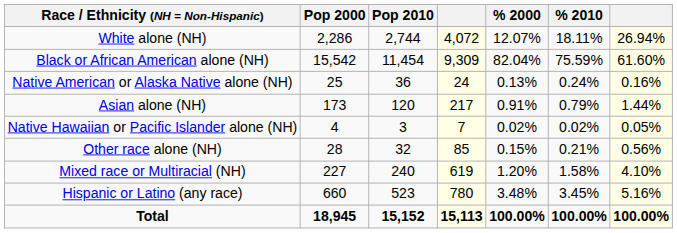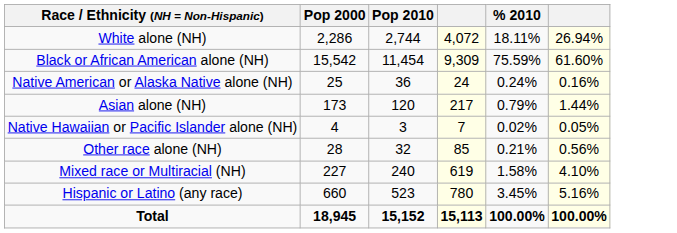 <table class="wikitable" style="text-align:center;">
 <tr>
 <th>Race / Ethnicity <small>(<em>NH = Non-Hispanic</em>)</small></th>
 <th>Pop 2000</th>
 <th>Pop 2010</th>
 <th></th>
-<th>% 2000</th>
 <th>% 2010</th>
 <th></th>
 </tr>
 <tr>
 <td><a href='#'>White</a> alone (NH)</td>
 <td>2,286</td>
 <td>2,744</td>
 <td style='background: #ffffe6;'>4,072</td>
-<td>12.07%</td>
 <td>18.11%</td>
 <td style='background: #ffffe6;'>26.94%</td>
 </tr>
 <tr>
 <td><a href='#'>Black or African American</a> alone (NH)</td>
 <td>15,542</td>
 <td>11,454</td>
 <td style='background: #ffffe6;'>9,309</td>
-<td>82.04%</td>
 <td>75.59%</td>
 <td style='background: #ffffe6;'>61.60%</td>
 </tr>
 <tr>
 <td><a href='#'>Native American</a> or <a href='#'>Alaska Native</a> alone (NH)</td>
 <td>25</td>
 <td>36</td>
 <td style='background: #ffffe6;'>24</td>
-<td>0.13%</td>
 <td>0.24%</td>
 <td style='background: #ffffe6;'>0.16%</td>
 </tr>
 <tr>
 <td><a href='#'>Asian</a> alone (NH)</td>
 <td>173</td>
 <td>120</td>
 <td style='background: #ffffe6;'>217</td>
-<td>0.91%</td>
 <td>0.79%</td>
 <td style='background: #ffffe6;'>1.44%</td>
 </tr>
 <tr>
 <td><a href='#'>Native Hawaiian</a> or <a href='#'>Pacific Islander</a> alone (NH)</td>
 <td>4</td>
 <td>3</td>
 <td style='background: #ffffe6;'>7</td>
 <td>0.02%</td>
-<td>0.02%</td>
 <td style='background: #ffffe6;'>0.05%</td>
 </tr>
 <tr>
 <td><a href='#'>Other race</a> alone (NH)</td>
 <td>28</td>
 <td>32</td>
 <td style='background: #ffffe6;'>85</td>
-<td>0.15%</td>
 <td>0.21%</td>
 <td style='background: #ffffe6;'>0.56%</td>
 </tr>
 <tr>
 <td><a href='#'>Mixed race or Multiracial</a> (NH)</td>
 <td>227</td>
 <td>240</td>
 <td style='background: #ffffe6;'>619</td>
-<td>1.20%</td>
 <td>1.58%</td>
 <td style='background: #ffffe6;'>4.10%</td>
 </tr>
 <tr>
 <td><a href='#'>Hispanic or Latino</a> (any race)</td>
 <td>660</td>
 <td>523</td>
 <td style='background: #ffffe6;'>780</td>
-<td>3.48%</td>
 <td>3.45%</td>
 <td style='background: #ffffe6;'>5.16%</td>
 </tr>
 <tr>
 <td><strong>Total</strong></td>
 <td><strong>18,945</strong></td>
 <td><strong>15,152</strong></td>
 <td style='background: #ffffe6;'><strong>15,113</strong></td>
 <td><strong>100.00%</strong></td>
-<td><strong>100.00%</strong></td>
 <td style='background: #ffffe6;'><strong>100.00%</strong></td>
 </tr>
 </table>
